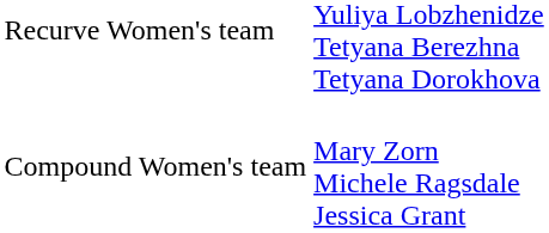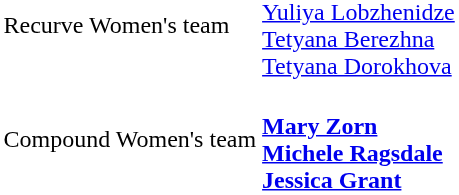 <table>
 <tr>
 <td>Recurve Women's team<br></td>
 <td><br><a href='#'>Yuliya Lobzhenidze</a><br><a href='#'>Tetyana Berezhna</a><br><a href='#'>Tetyana Dorokhova</a></td>
 <td><br></td>
 <td><br></td>
 </tr>
 <tr>
 <td>Compound Women's team<br></td>
-<td><br><a href='#'>Mary Zorn</a><br><a href='#'>Michele Ragsdale</a><br><a href='#'>Jessica Grant</a></td>
+<td><strong><br><a href='#'>Mary Zorn</a><br><a href='#'>Michele Ragsdale</a><br><a href='#'>Jessica Grant</a></strong></td>
 <td><br></td>
 <td><br></td>
 </tr>
 </table>
